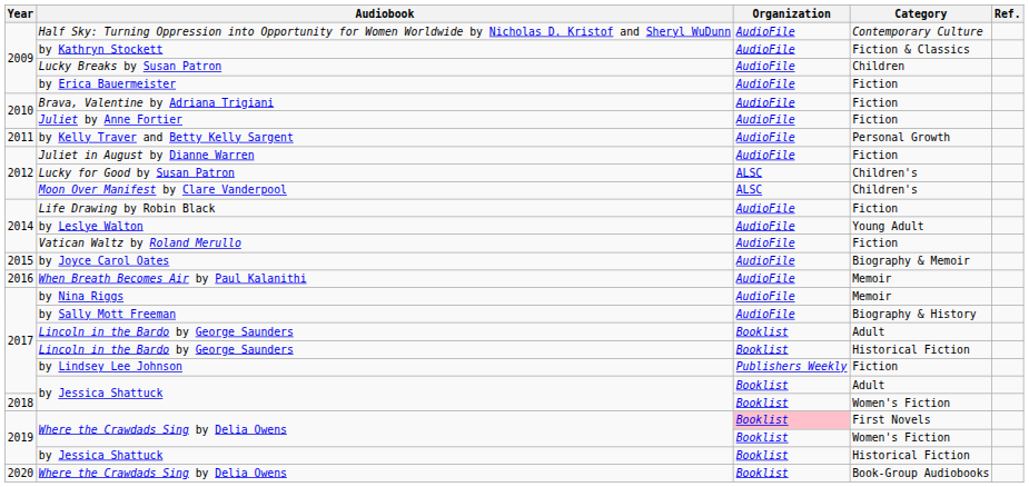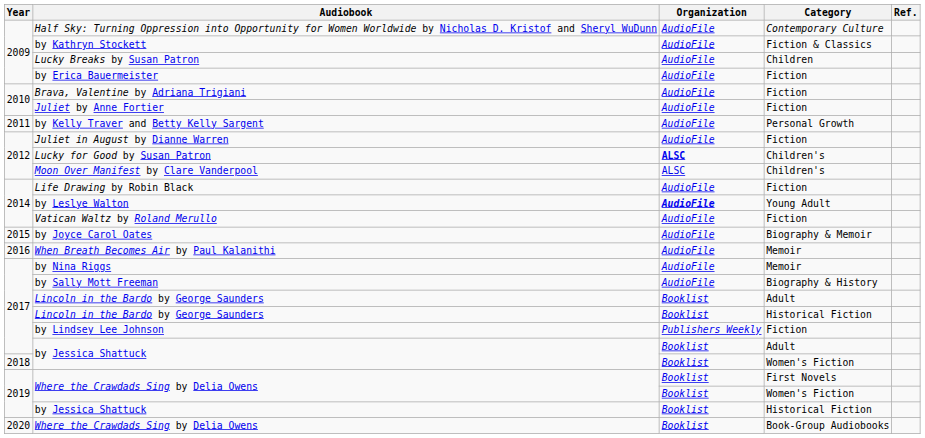 <table class="wikitable sortable mw-collapsible">
 <tr>
 <th>Year</th>
 <th>Audiobook</th>
 <th>Organization</th>
 <th>Category</th>
 <th>Ref.</th>
 </tr>
 <tr>
 <td rowspan="4">2009</td>
 <td><em>Half Sky: Turning Oppression into Opportunity for Women Worldwide</em> by <a href='#'>Nicholas D. Kristof</a> and <a href='#'>Sheryl WuDunn</a></td>
 <td><a href='#'><em>AudioFile</em></a></td>
 <td><em>Contemporary Culture</em></td>
 <td></td>
 </tr>
 <tr>
 <td> by <a href='#'>Kathryn Stockett</a></td>
 <td><a href='#'><em>AudioFile</em></a></td>
 <td>Fiction & Classics</td>
 <td></td>
 </tr>
 <tr>
 <td><em>Lucky Breaks</em> by <a href='#'>Susan Patron</a></td>
 <td><a href='#'><em>AudioFile</em></a></td>
 <td>Children</td>
 <td></td>
 </tr>
 <tr>
 <td> by <a href='#'>Erica Bauermeister</a></td>
 <td><a href='#'><em>AudioFile</em></a></td>
 <td>Fiction</td>
 <td></td>
 </tr>
 <tr>
 <td rowspan="2">2010</td>
 <td><em>Brava, Valentine</em> by <a href='#'>Adriana Trigiani</a></td>
 <td><a href='#'><em>AudioFile</em></a></td>
 <td>Fiction</td>
 <td></td>
 </tr>
 <tr>
 <td><em><a href='#'>Juliet</a></em> by <a href='#'>Anne Fortier</a></td>
 <td><a href='#'><em>AudioFile</em></a></td>
 <td>Fiction</td>
 <td></td>
 </tr>
 <tr>
 <td>2011</td>
 <td> by <a href='#'>Kelly Traver</a> and <a href='#'>Betty Kelly Sargent</a></td>
 <td><a href='#'><em>AudioFile</em></a></td>
 <td>Personal Growth</td>
 <td></td>
 </tr>
 <tr>
 <td rowspan="3">2012</td>
 <td><em>Juliet in August</em> by<strong> </strong> <a href='#'>Dianne Warren</a></td>
 <td><a href='#'><em>AudioFile</em></a></td>
 <td>Fiction</td>
 <td></td>
 </tr>
 <tr>
 <td><em>Lucky for Good</em> by <a href='#'>Susan Patron</a></td>
-<td><a href='#'>ALSC</a></td>
+<td><strong><a href='#'>ALSC</a></strong></td>
 <td>Children's</td>
 <td></td>
 </tr>
 <tr>
 <td><em><a href='#'>Moon Over Manifest</a></em> by <a href='#'>Clare Vanderpool</a></td>
 <td><a href='#'>ALSC</a></td>
 <td>Children's</td>
 <td></td>
 </tr>
 <tr>
 <td rowspan="3">2014</td>
 <td><em>Life Drawing</em> by Robin Black</td>
 <td><a href='#'><em>AudioFile</em></a></td>
 <td>Fiction</td>
 <td></td>
 </tr>
 <tr>
 <td> by <a href='#'>Leslye Walton</a></td>
-<td><a href='#'><em>AudioFile</em></a></td>
+<td><strong><a href='#'><em>AudioFile</em></a></strong></td>
 <td>Young Adult</td>
 <td></td>
 </tr>
 <tr>
 <td><em>Vatican Waltz</em> by <em><a href='#'>Roland Merullo</a></em></td>
 <td><a href='#'><em>AudioFile</em></a></td>
 <td>Fiction</td>
 <td></td>
 </tr>
 <tr>
 <td>2015</td>
 <td> by <a href='#'>Joyce Carol Oates</a></td>
 <td><a href='#'><em>AudioFile</em></a></td>
 <td>Biography & Memoir</td>
 <td></td>
 </tr>
 <tr>
 <td>2016</td>
 <td><em><a href='#'>When Breath Becomes Air</a></em> by <a href='#'>Paul Kalanithi</a></td>
 <td><a href='#'><em>AudioFile</em></a></td>
 <td>Memoir</td>
 <td></td>
 </tr>
 <tr>
 <td rowspan="6">2017</td>
 <td> by <a href='#'>Nina Riggs</a></td>
 <td><a href='#'><em>AudioFile</em></a></td>
 <td>Memoir</td>
 <td></td>
 </tr>
 <tr>
 <td> by <a href='#'>Sally Mott Freeman</a></td>
 <td><a href='#'><em>AudioFile</em></a></td>
 <td>Biography & History</td>
 <td></td>
 </tr>
 <tr>
 <td><em><a href='#'>Lincoln in the Bardo</a></em> by <a href='#'>George Saunders</a></td>
 <td><em><a href='#'>Booklist</a></em></td>
 <td>Adult</td>
 <td></td>
 </tr>
 <tr>
 <td><em><a href='#'>Lincoln in the Bardo</a></em> by <a href='#'>George Saunders</a></td>
 <td><em><a href='#'>Booklist</a></em></td>
 <td>Historical Fiction</td>
 <td></td>
 </tr>
 <tr>
 <td> by <a href='#'>Lindsey Lee Johnson</a></td>
 <td><em><a href='#'>Publishers Weekly</a></em></td>
 <td>Fiction</td>
 <td></td>
 </tr>
 <tr>
 <td rowspan="2"> by <a href='#'>Jessica Shattuck</a></td>
 <td><em><a href='#'>Booklist</a></em></td>
 <td>Adult</td>
 <td></td>
 </tr>
 <tr>
 <td>2018</td>
 <td><em><a href='#'>Booklist</a></em></td>
 <td>Women's Fiction</td>
 <td></td>
 </tr>
 <tr>
 <td rowspan="3">2019</td>
 <td rowspan="2"><em><a href='#'>Where the Crawdads Sing</a></em> by <a href='#'>Delia Owens</a></td>
-<td style="background: pink;"><em><a href='#'>Booklist</a></em></td>
+<td><em><a href='#'>Booklist</a></em></td>
 <td>First Novels</td>
 <td></td>
 </tr>
 <tr>
 <td><em><a href='#'>Booklist</a></em></td>
 <td>Women's Fiction</td>
 <td></td>
 </tr>
 <tr>
 <td> by <a href='#'>Jessica Shattuck</a></td>
 <td><em><a href='#'>Booklist</a></em></td>
 <td>Historical Fiction</td>
 <td></td>
 </tr>
 <tr>
 <td>2020</td>
 <td><em><a href='#'>Where the Crawdads Sing</a></em> by <a href='#'>Delia Owens</a></td>
 <td><em><a href='#'>Booklist</a></em></td>
 <td>Book-Group Audiobooks</td>
 <td></td>
 </tr>
 </table>
